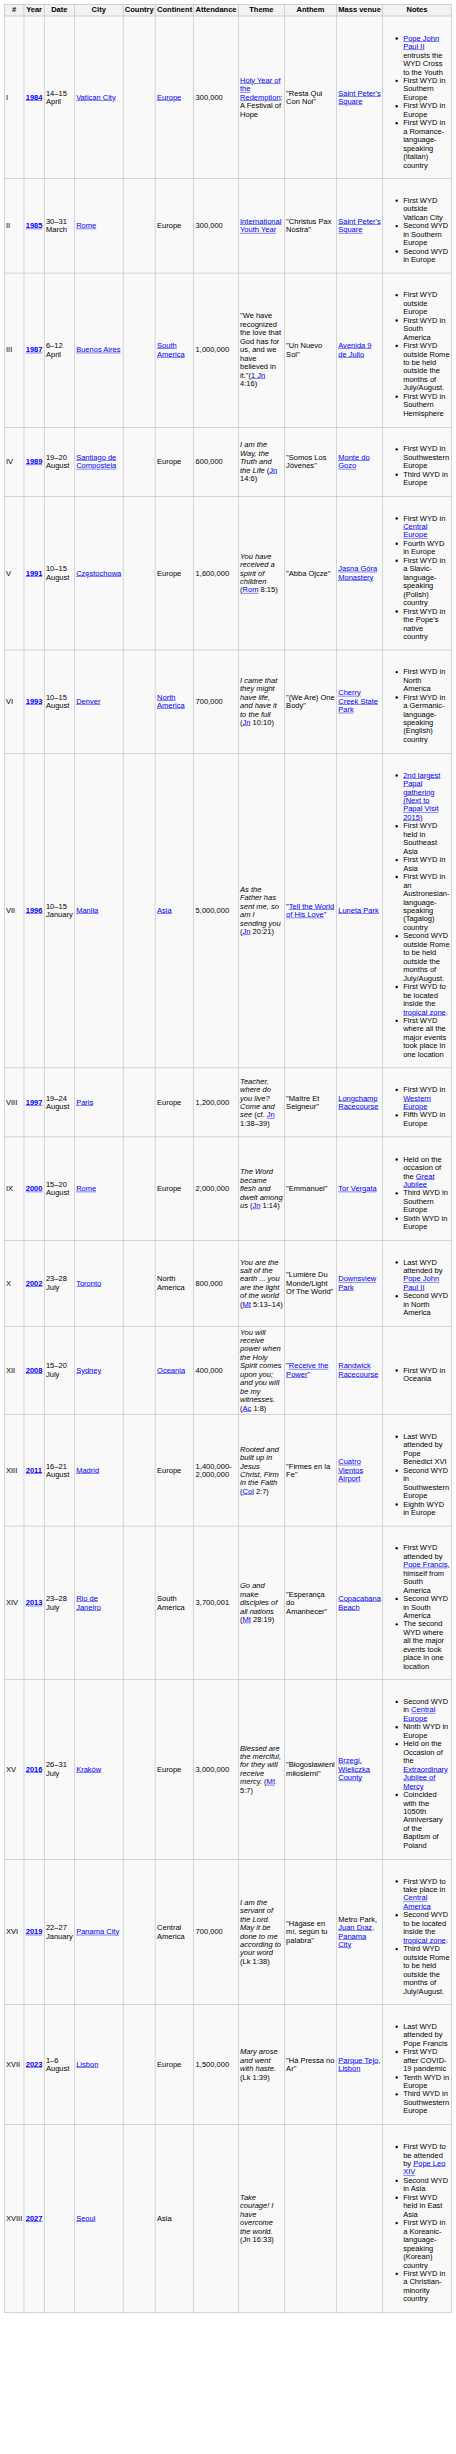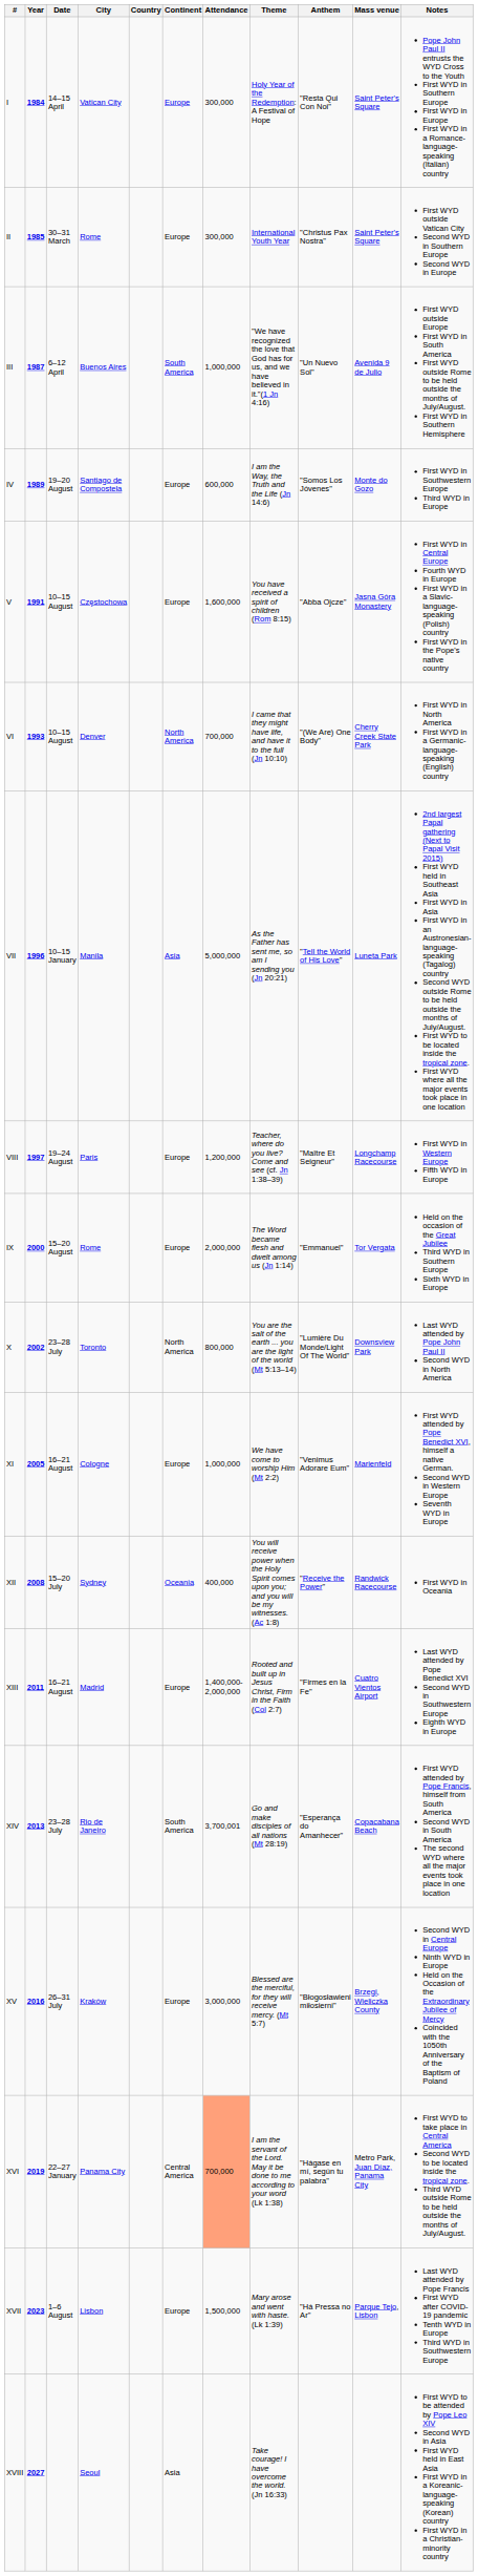 <table class="wikitable sortable">
 <tr>
 <th align="center">#</th>
 <th align="center">Year</th>
 <th align="center">Date</th>
 <th align="center">City</th>
 <th align="center">Country</th>
 <th align="center">Continent</th>
 <th align="center">Attendance</th>
 <th align="center">Theme</th>
 <th align="center">Anthem</th>
 <th align="center">Mass venue</th>
 <th align="center">Notes</th>
 </tr>
 <tr>
 <td>I</td>
 <td><strong><a href='#'>1984</a></strong></td>
 <td>14–15 April</td>
 <td><a href='#'>Vatican City</a></td>
 <td></td>
 <td><a href='#'>Europe</a></td>
 <td>300,000</td>
 <td><a href='#'>Holy Year of the Redemption</a>: A Festival of Hope</td>
 <td>"Resta Qui Con Noi"</td>
 <td><a href='#'>Saint Peter's Square</a></td>
 <td><br><ul><li><a href='#'>Pope John Paul II</a> entrusts the WYD Cross to the Youth</li><li>First WYD in Southern Europe</li><li>First WYD in Europe</li><li>First WYD in a Romance-language-speaking (Italian) country</li></ul></td>
 </tr>
 <tr>
 <td>II</td>
 <td><strong><a href='#'>1985</a></strong></td>
 <td>30–31 March</td>
 <td><a href='#'>Rome</a></td>
 <td></td>
 <td>Europe</td>
 <td>300,000</td>
 <td><a href='#'>International Youth Year</a></td>
 <td>"Christus Pax Nostra"</td>
 <td><a href='#'>Saint Peter's Square</a></td>
 <td><br><ul><li>First WYD outside Vatican City</li><li>Second WYD in Southern Europe</li><li>Second WYD in Europe</li></ul></td>
 </tr>
 <tr>
 <td>III</td>
 <td><strong><a href='#'>1987</a></strong></td>
 <td>6–12 April</td>
 <td><a href='#'>Buenos Aires</a></td>
 <td></td>
 <td><a href='#'>South America</a></td>
 <td>1,000,000</td>
 <td>"We have recognized the love that God has for us, and we have believed in it."(<a href='#'>1 Jn</a> 4:16)</td>
 <td>"Un Nuevo Sol" <br></td>
 <td><a href='#'>Avenida 9 de Julio</a></td>
 <td><br><ul><li>First WYD outside Europe</li><li>First WYD in South America</li><li>First WYD outside Rome to be held outside the months of July/August.</li><li>First WYD in Southern Hemisphere</li></ul></td>
 </tr>
 <tr>
 <td>IV</td>
 <td><strong><a href='#'>1989</a></strong></td>
 <td>19–20 August</td>
 <td><a href='#'>Santiago de Compostela</a></td>
 <td></td>
 <td>Europe</td>
 <td>600,000</td>
 <td><em>I am the Way, the Truth and the Life</em> (<a href='#'>Jn</a> 14:6)</td>
 <td>"Somos Los Jóvenes" <br></td>
 <td><a href='#'>Monte do Gozo</a></td>
 <td><br><ul><li>First WYD in Southwestern Europe</li><li>Third WYD in Europe</li></ul></td>
 </tr>
 <tr>
 <td>V</td>
 <td><strong><a href='#'>1991</a></strong></td>
 <td>10–15 August</td>
 <td><a href='#'>Częstochowa</a></td>
 <td></td>
 <td>Europe</td>
 <td>1,600,000</td>
 <td><em>You have received a spirit of children</em> (<a href='#'>Rom</a> 8:15)</td>
 <td>"Abba Ojcze" <br></td>
 <td><a href='#'>Jasna Góra Monastery</a></td>
 <td><br><ul><li>First WYD in <a href='#'>Central Europe</a></li><li>Fourth WYD in Europe</li><li>First WYD in a Slavic-language-speaking (Polish) country</li><li>First WYD in the Pope's native country</li></ul></td>
 </tr>
 <tr>
 <td>VI</td>
 <td><strong><a href='#'>1993</a></strong></td>
 <td>10–15 August</td>
 <td><a href='#'>Denver</a></td>
 <td></td>
 <td><a href='#'>North America</a></td>
 <td>700,000</td>
 <td><em>I came that they might have life, and have it to the full</em> (<a href='#'>Jn</a> 10:10)</td>
 <td>"(We Are) One Body" <br></td>
 <td><a href='#'>Cherry Creek State Park</a></td>
 <td><br><ul><li>First WYD in North America</li><li>First WYD in a Germanic-language-speaking (English) country</li></ul></td>
 </tr>
 <tr>
 <td>VII</td>
 <td><strong><a href='#'>1996</a></strong></td>
 <td>10–15 January</td>
 <td><a href='#'>Manila</a></td>
 <td></td>
 <td><a href='#'>Asia</a></td>
 <td>5,000,000</td>
 <td><em>As the Father has sent me, so am I sending you</em> (<a href='#'>Jn</a> 20:21)</td>
 <td>"<a href='#'>Tell the World of His Love</a>" <br></td>
 <td><a href='#'>Luneta Park</a></td>
 <td><br><ul><li><a href='#'>2nd largest Papal gathering (Next to Papal Visit 2015)</a></li><li>First WYD held in Southeast Asia</li><li>First WYD in Asia</li><li>First WYD in an Austronesian-language-speaking (Tagalog) country</li><li>Second WYD outside Rome to be held outside the months of July/August.</li><li>First WYD to be located inside the <a href='#'>tropical zone</a>.</li><li>First WYD where all the major events took place in one location</li></ul></td>
 </tr>
 <tr>
 <td>VIII</td>
 <td><strong><a href='#'>1997</a></strong></td>
 <td>19–24 August</td>
 <td><a href='#'>Paris</a></td>
 <td></td>
 <td>Europe</td>
 <td>1,200,000</td>
 <td><em>Teacher, where do you live? Come and see</em> (cf. <a href='#'>Jn</a> 1:38–39)</td>
 <td>"Maître Et Seigneur" <br></td>
 <td><a href='#'>Longchamp Racecourse</a></td>
 <td><br><ul><li>First WYD in <a href='#'>Western Europe</a></li><li>Fifth WYD in Europe</li></ul></td>
 </tr>
 <tr>
 <td>IX</td>
 <td><strong><a href='#'>2000</a></strong></td>
 <td>15–20 August</td>
 <td><a href='#'>Rome</a></td>
 <td></td>
 <td>Europe</td>
 <td>2,000,000</td>
 <td><em>The Word became flesh and dwelt among us</em> (<a href='#'>Jn</a> 1:14)</td>
 <td>"Emmanuel" <br></td>
 <td><a href='#'>Tor Vergata</a></td>
 <td><br><ul><li>Held on the occasion of the <a href='#'>Great Jubilee</a></li><li>Third WYD in Southern Europe</li><li>Sixth WYD in Europe</li></ul></td>
 </tr>
 <tr>
 <td>X</td>
 <td><strong><a href='#'>2002</a></strong></td>
 <td>23–28 July</td>
 <td><a href='#'>Toronto</a></td>
 <td></td>
 <td>North America</td>
 <td>800,000</td>
 <td><em>You are the salt of the earth ... you are the light of the world</em> (<a href='#'>Mt</a> 5:13–14)</td>
 <td>"Lumière Du Monde/Light Of The World" <br></td>
 <td><a href='#'>Downsview Park</a></td>
 <td><br><ul><li>Last WYD attended by <a href='#'>Pope John Paul II</a></li><li>Second WYD in North America</li></ul></td>
 </tr>
 <tr>
+<td>XI</td>
+<td><strong><a href='#'>2005</a></strong></td>
+<td>16–21 August</td>
+<td><a href='#'>Cologne</a></td>
+<td></td>
+<td>Europe</td>
+<td>1,000,000</td>
+<td><em>We have come to worship Him</em> (<a href='#'>Mt</a> 2:2)</td>
+<td>"Venimus Adorare Eum" <br></td>
+<td><a href='#'>Marienfeld</a></td>
+<td><br><ul><li>First WYD attended by <a href='#'>Pope Benedict XVI</a>, himself a native German.</li><li>Second WYD in Western Europe</li><li>Seventh WYD in Europe</li></ul></td>
+</tr>
+<tr>
 <td>XII</td>
 <td><strong><a href='#'>2008</a></strong></td>
 <td>15–20 July</td>
 <td><a href='#'>Sydney</a></td>
 <td></td>
 <td><a href='#'>Oceania</a></td>
 <td>400,000</td>
 <td><em>You will receive power when the Holy Spirit comes upon you; and you will be my witnesses.</em> (<a href='#'>Ac</a> 1:8)</td>
 <td>"<a href='#'>Receive the Power</a>" <br></td>
 <td><a href='#'>Randwick Racecourse</a></td>
 <td><br><ul><li>First WYD in Oceania</li></ul></td>
 </tr>
 <tr>
 <td>XIII</td>
 <td><strong><a href='#'>2011</a></strong></td>
 <td>16–21 August</td>
 <td><a href='#'>Madrid</a></td>
 <td></td>
 <td>Europe</td>
 <td>1,400,000- 2,000,000</td>
 <td><em>Rooted and built up in Jesus Christ, Firm in the Faith</em> (<a href='#'>Col</a> 2:7)</td>
 <td>"Firmes en la Fe"</td>
 <td><a href='#'>Cuatro Vientos Airport</a></td>
 <td><br><ul><li>Last WYD attended by Pope Benedict XVI</li><li>Second WYD in Southwestern Europe</li><li>Eighth WYD in Europe</li></ul></td>
 </tr>
 <tr>
 <td>XIV</td>
 <td><strong><a href='#'>2013</a></strong></td>
 <td>23–28 July</td>
 <td><a href='#'>Rio de Janeiro</a></td>
 <td></td>
 <td>South America</td>
 <td>3,700,001</td>
 <td><em>Go and make disciples of all nations</em> (<a href='#'>Mt</a> 28:19)</td>
 <td>"Esperança do Amanhecer" <br></td>
 <td><a href='#'>Copacabana Beach</a></td>
 <td><br><ul><li>First WYD attended by <a href='#'>Pope Francis</a>, himself from South America</li><li>Second WYD in South America</li><li>The second WYD where all the major events took place in one location</li></ul></td>
 </tr>
 <tr>
 <td>XV</td>
 <td><strong><a href='#'>2016</a></strong></td>
 <td>26–31 July</td>
 <td><a href='#'>Kraków</a></td>
 <td></td>
 <td Europe>Europe</td>
 <td>3,000,000</td>
 <td><em>Blessed are the merciful, for they will receive mercy.</em> (<a href='#'>Mt</a> 5:7)</td>
 <td>"Błogosławieni miłosierni"<br></td>
 <td><a href='#'>Brzegi, Wieliczka County</a></td>
 <td><br><ul><li>Second WYD in <a href='#'>Central Europe</a></li><li>Ninth WYD in Europe</li><li>Held on the Occasion of the <a href='#'>Extraordinary Jubilee of Mercy</a></li><li>Coincided with the 1050th Anniversary of the Baptism of Poland</li></ul></td>
 </tr>
 <tr>
 <td>XVI</td>
 <td><strong><a href='#'>2019</a></strong></td>
 <td>22–27 January</td>
 <td><a href='#'>Panama City</a></td>
 <td></td>
 <td>Central America</td>
-<td>700,000</td>
+<td style="background: lightsalmon;">700,000</td>
 <td><em>I am the servant of the Lord. May it be done to me according to your word</em> (Lk 1:38)</td>
 <td>"Hágase en mí, según tu palabra" <br></td>
 <td>Metro Park, <a href='#'>Juan Díaz, Panama City</a></td>
 <td><br><ul><li>First WYD to take place in <a href='#'>Central America</a></li><li>Second WYD to be located inside the <a href='#'>tropical zone</a>.</li><li>Third WYD outside Rome to be held outside the months of July/August.</li></ul></td>
 </tr>
 <tr>
 <td>XVII</td>
 <td><strong><a href='#'>2023</a></strong></td>
 <td>1–6 August</td>
 <td><a href='#'>Lisbon</a></td>
 <td></td>
 <td>Europe</td>
 <td>1,500,000</td>
 <td><em>Mary arose and went with haste.</em> (Lk 1:39)</td>
 <td>"Há Pressa no Ar" <br></td>
 <td><a href='#'>Parque Tejo</a>, <a href='#'>Lisbon</a></td>
 <td><br><ul><li>Last WYD attended by Pope Francis</li><li>First WYD after COVID-19 pandemic</li><li>Tenth WYD in Europe</li><li>Third WYD in Southwestern Europe</li></ul></td>
 </tr>
 <tr>
 <td>XVIII</td>
 <td><strong><a href='#'>2027</a></strong></td>
 <td></td>
 <td><a href='#'>Seoul</a></td>
 <td></td>
 <td>Asia</td>
 <td></td>
 <td><em>Take courage! I have overcome the world.</em> (Jn 16:33)</td>
 <td></td>
 <td></td>
 <td><br><ul><li>First WYD to be attended by <a href='#'>Pope Leo XIV</a></li><li>Second WYD in Asia</li><li>First WYD held in East Asia</li><li>First WYD in a Koreanic-language-speaking (Korean) country</li><li>First WYD in a Christian-minority country</li></ul></td>
 </tr>
 </table>
